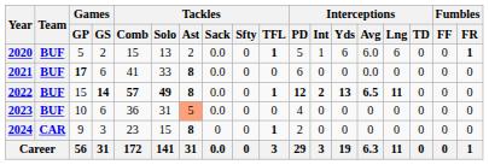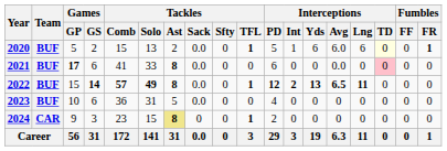 <table class="wikitable" style="text-align:center;">
 <tr>
 <th rowspan="2">Year</th>
 <th rowspan="2">Team</th>
 <th colspan="2">Games</th>
 <th colspan="6">Tackles</th>
 <th colspan="6">Interceptions</th>
 <th colspan="2">Fumbles</th>
 </tr>
 <tr>
 <th>GP</th>
 <th>GS</th>
 <th>Comb</th>
 <th>Solo</th>
 <th>Ast</th>
 <th>Sack</th>
 <th>Sfty</th>
 <th>TFL</th>
 <th>PD</th>
 <th>Int</th>
 <th>Yds</th>
 <th>Avg</th>
 <th>Lng</th>
 <th>TD</th>
 <th>FF</th>
 <th>FR</th>
 </tr>
 <tr>
 <th><a href='#'>2020</a></th>
 <th><a href='#'>BUF</a></th>
 <td>5</td>
 <td>2</td>
 <td>15</td>
 <td>13</td>
 <td>2</td>
 <td>0.0</td>
 <td>0</td>
 <td><strong>1</strong></td>
 <td>5</td>
 <td>1</td>
 <td>6</td>
 <td>6.0</td>
 <td>6</td>
-<td>0</td>
+<td style="background: lightyellow;">0</td>
 <td>0</td>
 <td><strong>1</strong></td>
 </tr>
 <tr>
 <th><a href='#'>2021</a></th>
 <th><a href='#'>BUF</a></th>
 <td><strong>17</strong></td>
 <td>6</td>
 <td>41</td>
 <td>33</td>
 <td><strong>8</strong></td>
 <td>0.0</td>
 <td>0</td>
 <td>0</td>
 <td>6</td>
 <td>0</td>
 <td>0</td>
 <td>0.0</td>
 <td>0</td>
-<td>0</td>
+<td style="background: pink;">0</td>
 <td>0</td>
 <td>0</td>
 </tr>
 <tr>
 <th><a href='#'>2022</a></th>
 <th><a href='#'>BUF</a></th>
 <td>15</td>
 <td><strong>14</strong></td>
 <td><strong>57</strong></td>
 <td><strong>49</strong></td>
 <td><strong>8</strong></td>
 <td>0.0</td>
 <td>0</td>
 <td><strong>1</strong></td>
 <td><strong>12</strong></td>
 <td><strong>2</strong></td>
 <td><strong>13</strong></td>
 <td><strong>6.5</strong></td>
 <td><strong>11</strong></td>
 <td>0</td>
 <td>0</td>
 <td>0</td>
 </tr>
 <tr>
 <th><a href='#'>2023</a></th>
 <th><a href='#'>BUF</a></th>
 <td>10</td>
 <td>6</td>
 <td>36</td>
 <td>31</td>
-<td style="background: lightsalmon;">5</td>
+<td>5</td>
 <td>0.0</td>
 <td>0</td>
 <td>0</td>
 <td>4</td>
 <td>0</td>
 <td>0</td>
 <td>0</td>
 <td>0</td>
 <td>0</td>
 <td>0</td>
 <td>0</td>
 </tr>
 <tr>
 <th><a href='#'>2024</a></th>
 <th><a href='#'>CAR</a></th>
 <td>9</td>
 <td>3</td>
 <td>23</td>
 <td>15</td>
-<td><strong>8</strong></td>
+<td style="background: khaki;"><strong>8</strong></td>
 <td>0</td>
 <td>0</td>
 <td><strong>1</strong></td>
 <td>2</td>
 <td>0</td>
 <td>0</td>
 <td>0</td>
 <td>0</td>
 <td>0</td>
 <td>0</td>
 <td>0</td>
 </tr>
 <tr>
 <th colspan="2">Career</th>
 <th>56</th>
 <th>31</th>
 <th>172</th>
 <th>141</th>
 <th>31</th>
 <th>0.0</th>
 <th>0</th>
 <th>3</th>
 <th>29</th>
 <th>3</th>
 <th>19</th>
 <th>6.3</th>
 <th>11</th>
 <th>0</th>
 <th>0</th>
 <th>1</th>
 </tr>
 </table>
